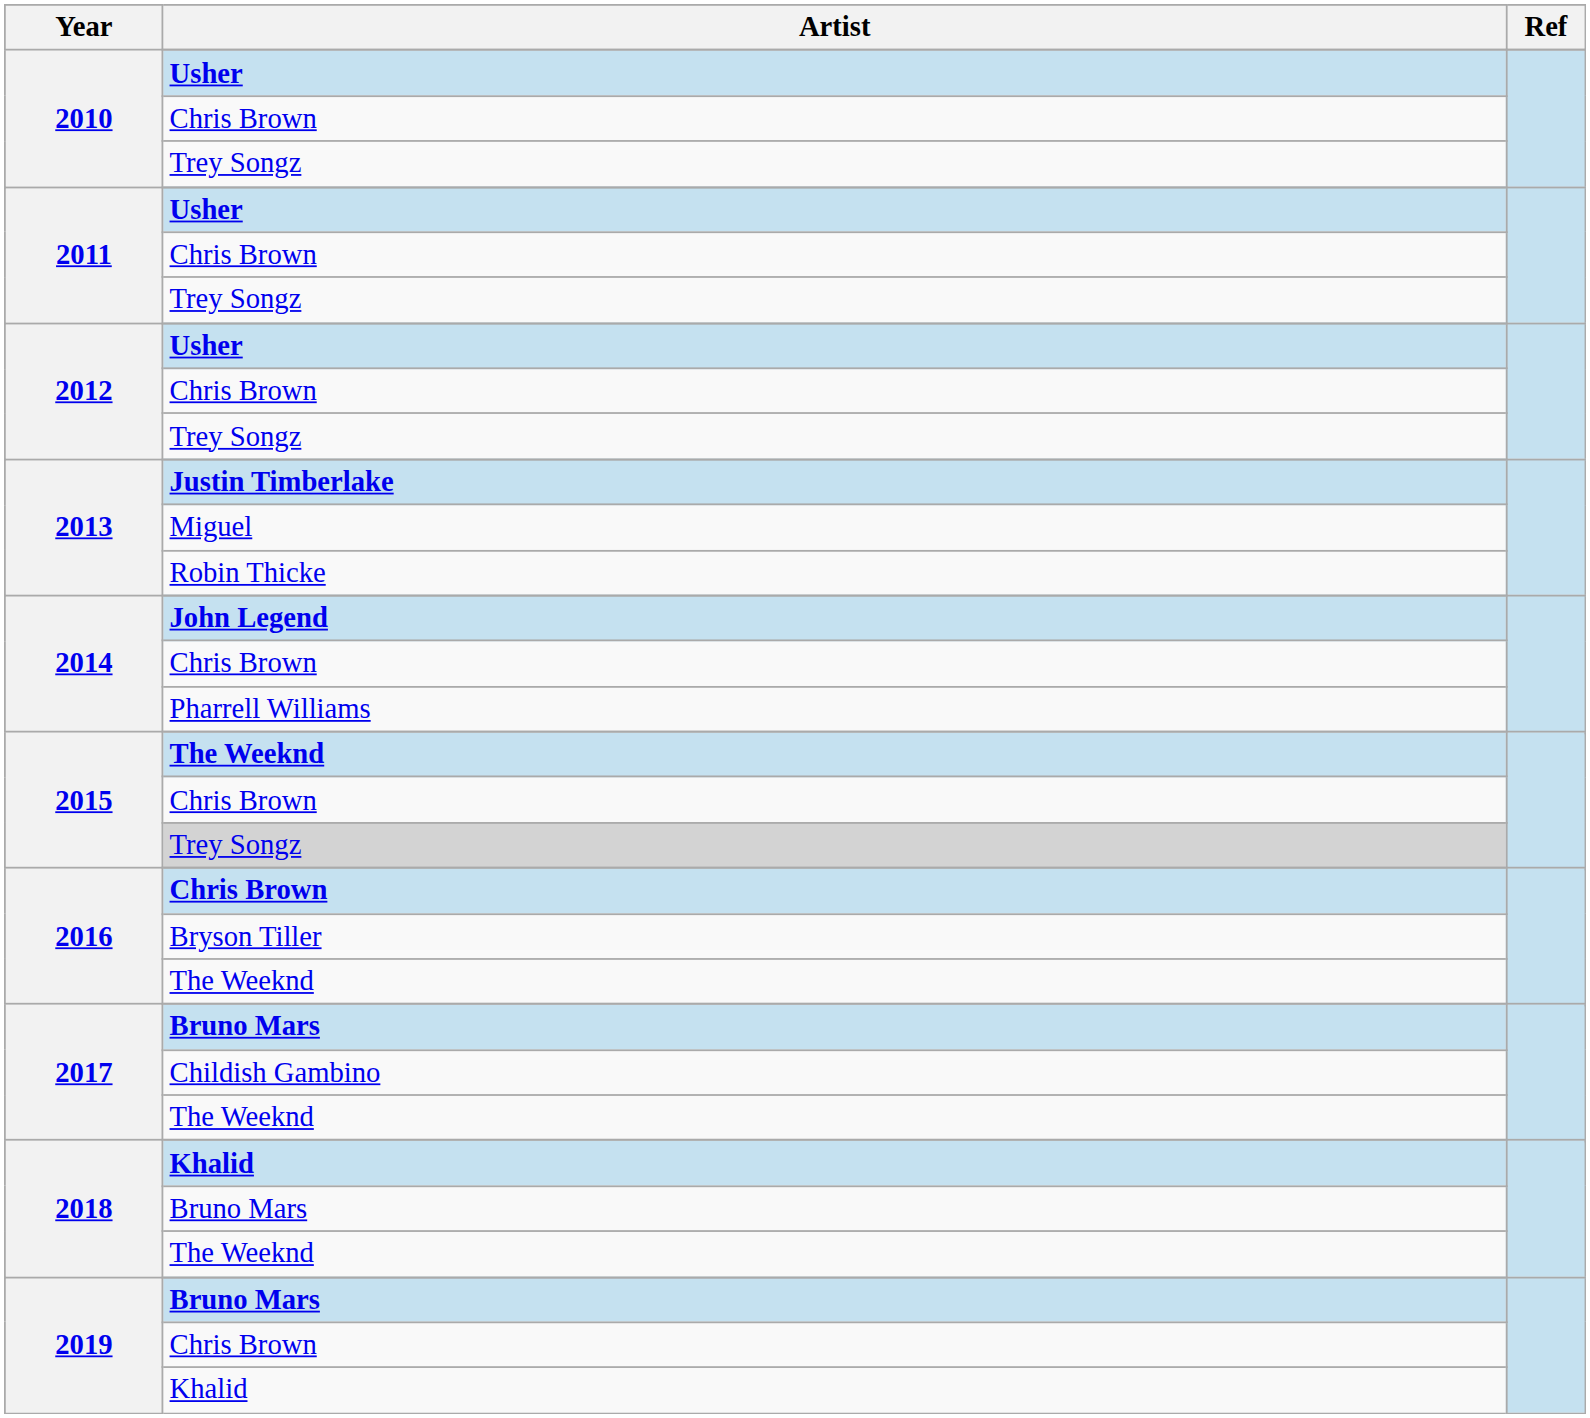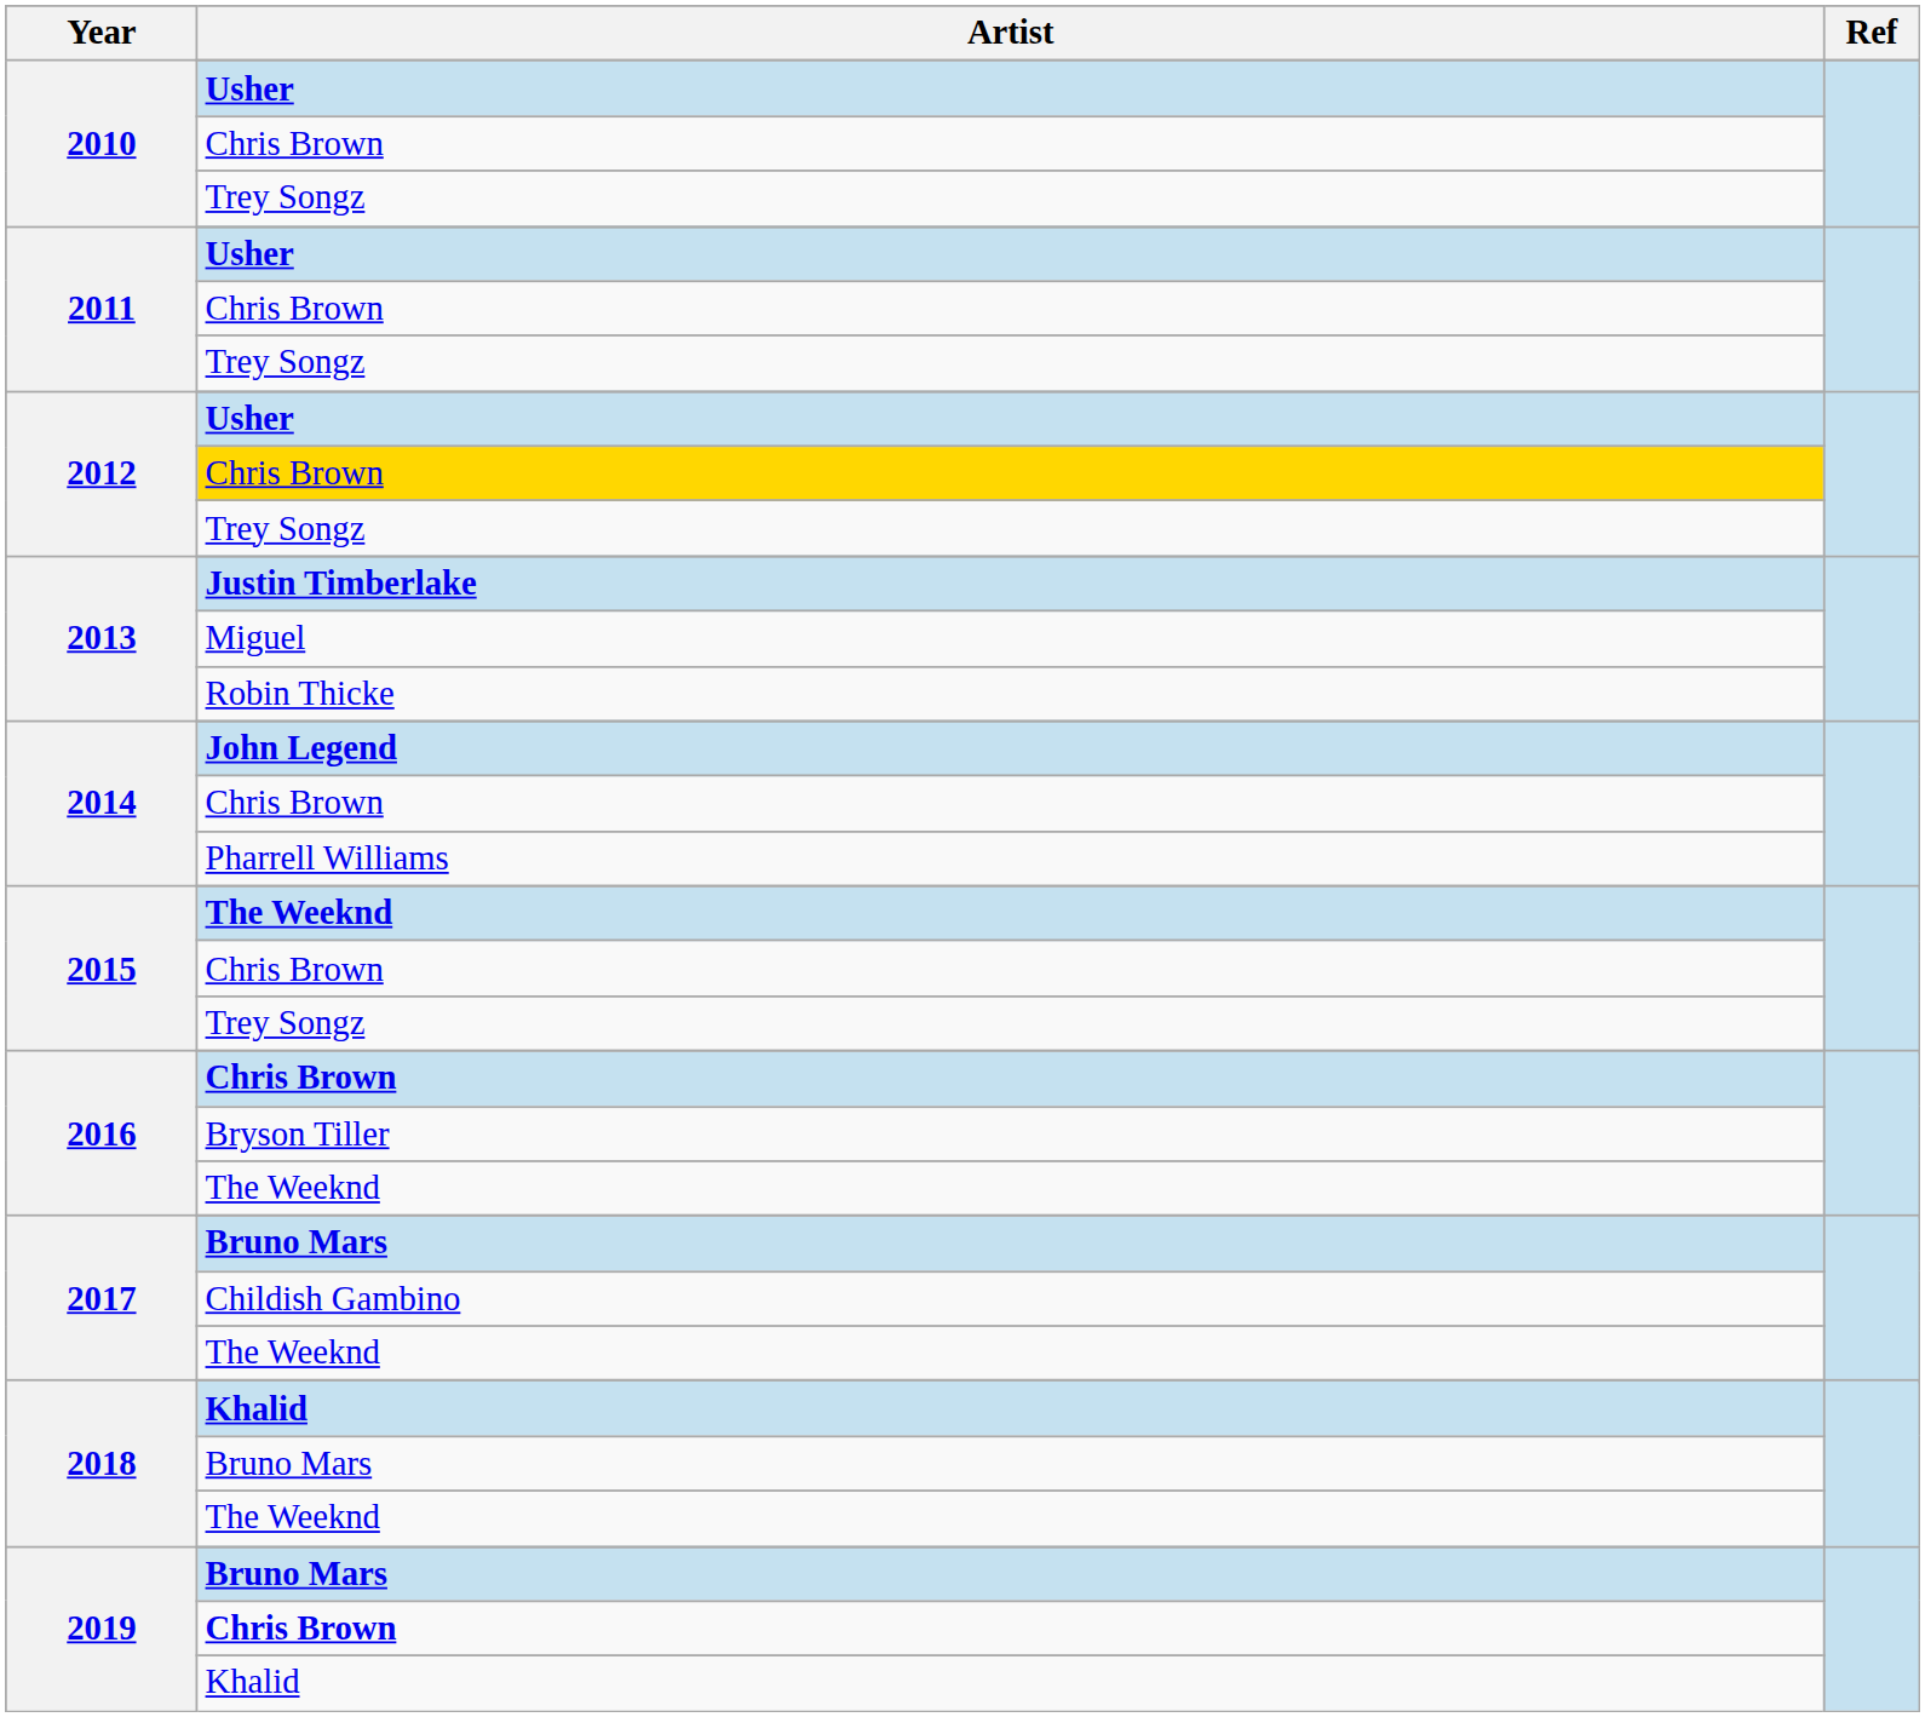 <table class="wikitable" width="100%">
 <tr>
 <th width="10%">Year</th>
 <th width="85%">Artist</th>
 <th width="5%">Ref</th>
 </tr>
 <tr>
 <th rowspan="4" align="center"><a href='#'>2010<br></a></th>
 </tr>
 <tr style="background:#c5e1f0">
 <td><strong><a href='#'>Usher</a></strong></td>
 <td rowspan="4" align="center"></td>
 </tr>
 <tr>
 <td><a href='#'>Chris Brown</a></td>
 </tr>
 <tr>
 <td><a href='#'>Trey Songz</a></td>
 </tr>
 <tr>
 <th rowspan="4" align="center"><a href='#'>2011<br></a></th>
 </tr>
 <tr style="background:#c5e1f0">
 <td><strong><a href='#'>Usher</a></strong></td>
 <td rowspan="4" align="center"></td>
 </tr>
 <tr>
 <td><a href='#'>Chris Brown</a></td>
 </tr>
 <tr>
 <td><a href='#'>Trey Songz</a></td>
 </tr>
 <tr>
 <th rowspan="4" align="center"><a href='#'>2012<br></a></th>
 </tr>
 <tr style="background:#c5e1f0">
 <td><strong><a href='#'>Usher</a></strong></td>
 <td rowspan="4" align="center"></td>
 </tr>
 <tr>
-<td><a href='#'>Chris Brown</a></td>
+<td style="background: gold;"><a href='#'>Chris Brown</a></td>
 </tr>
 <tr>
 <td><a href='#'>Trey Songz</a></td>
 </tr>
 <tr>
 <th rowspan="4" align="center"><a href='#'>2013<br></a></th>
 </tr>
 <tr style="background:#c5e1f0">
 <td><strong><a href='#'>Justin Timberlake</a></strong></td>
 <td rowspan="4" align="center"></td>
 </tr>
 <tr>
 <td><a href='#'>Miguel</a></td>
 </tr>
 <tr>
 <td><a href='#'>Robin Thicke</a></td>
 </tr>
 <tr>
 <th rowspan="4" align="center"><a href='#'>2014<br></a></th>
 </tr>
 <tr style="background:#c5e1f0">
 <td><strong><a href='#'>John Legend</a></strong></td>
 <td rowspan="4" align="center"></td>
 </tr>
 <tr>
 <td><a href='#'>Chris Brown</a></td>
 </tr>
 <tr>
 <td><a href='#'>Pharrell Williams</a></td>
 </tr>
 <tr>
 <th rowspan="4" align="center"><a href='#'>2015<br></a></th>
 </tr>
 <tr style="background:#c5e1f0">
 <td><strong><a href='#'>The Weeknd</a></strong></td>
 <td rowspan="4" align="center"></td>
 </tr>
 <tr>
 <td><a href='#'>Chris Brown</a></td>
 </tr>
 <tr>
-<td style="background: lightgrey;"><a href='#'>Trey Songz</a></td>
+<td><a href='#'>Trey Songz</a></td>
 </tr>
 <tr>
 <th rowspan="4" align="center"><a href='#'>2016<br></a></th>
 </tr>
 <tr style="background:#c5e1f0">
 <td><strong><a href='#'>Chris Brown</a></strong></td>
 <td rowspan="4" align="center"></td>
 </tr>
 <tr>
 <td><a href='#'>Bryson Tiller</a></td>
 </tr>
 <tr>
 <td><a href='#'>The Weeknd</a></td>
 </tr>
 <tr>
 <th rowspan="4" align="center"><a href='#'>2017<br></a></th>
 </tr>
 <tr style="background:#c5e1f0">
 <td><strong><a href='#'>Bruno Mars</a></strong></td>
 <td rowspan="4" align="center"></td>
 </tr>
 <tr>
 <td><a href='#'>Childish Gambino</a></td>
 </tr>
 <tr>
 <td><a href='#'>The Weeknd</a></td>
 </tr>
 <tr>
 <th rowspan="4" align="center"><a href='#'>2018<br></a></th>
 </tr>
 <tr style="background:#c5e1f0">
 <td><strong><a href='#'>Khalid</a></strong></td>
 <td rowspan="4" align="center"></td>
 </tr>
 <tr>
 <td><a href='#'>Bruno Mars</a></td>
 </tr>
 <tr>
 <td><a href='#'>The Weeknd</a></td>
 </tr>
 <tr>
 <th rowspan="4" align="center"><a href='#'>2019<br></a></th>
 </tr>
 <tr style="background:#c5e1f0">
 <td><strong><a href='#'>Bruno Mars</a></strong></td>
 <td rowspan="4" align="center"></td>
 </tr>
 <tr>
-<td><a href='#'>Chris Brown</a></td>
+<td><strong><a href='#'>Chris Brown</a></strong></td>
 </tr>
 <tr>
 <td><a href='#'>Khalid</a></td>
 </tr>
 </table>
